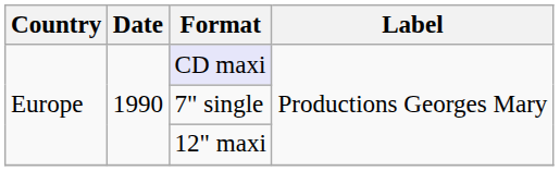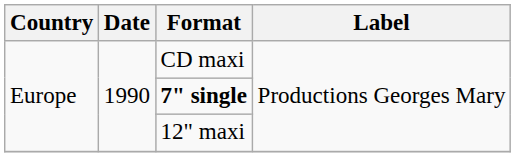 <table class=wikitable>
 <tr>
 <th>Country</th>
 <th>Date</th>
 <th>Format</th>
 <th>Label</th>
 </tr>
 <tr>
 <td rowspan="3">Europe</td>
 <td rowspan="3">1990</td>
-<td style="background: lavender;">CD maxi</td>
+<td>CD maxi</td>
 <td rowspan="3">Productions Georges Mary</td>
 </tr>
 <tr>
-<td>7" single</td>
+<td><strong>7" single</strong></td>
 </tr>
 <tr>
 <td>12" maxi</td>
 </tr>
 <tr>
 </tr>
 </table>
